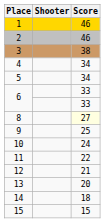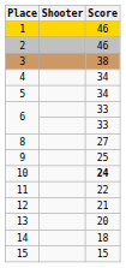 <table class=wikitable>
 <tr>
 <th>Place</th>
 <th>Shooter</th>
 <th>Score</th>
 </tr>
 <tr bgcolor=gold>
 <td align=center>1</td>
 <td></td>
 <td align=center>46</td>
 </tr>
 <tr bgcolor=silver>
 <td align=center>2</td>
 <td></td>
 <td align=center>46</td>
 </tr>
 <tr bgcolor=cc9966>
 <td align=center>3</td>
 <td></td>
 <td align=center>38</td>
 </tr>
 <tr>
 <td align=center>4</td>
 <td></td>
 <td align=center>34</td>
 </tr>
 <tr>
 <td align=center>5</td>
 <td></td>
 <td align=center>34</td>
 </tr>
 <tr>
 <td align=center rowspan=2>6</td>
 <td></td>
 <td align=center>33</td>
 </tr>
 <tr>
 <td></td>
 <td align=center>33</td>
 </tr>
 <tr>
 <td align=center>8</td>
 <td></td>
-<td align=center style="background: lightyellow;">27</td>
+<td align=center>27</td>
 </tr>
 <tr>
 <td align=center>9</td>
 <td></td>
 <td align=center>25</td>
 </tr>
 <tr>
 <td align=center>10</td>
 <td></td>
-<td align=center>24</td>
+<td align=center><strong>24</strong></td>
 </tr>
 <tr>
 <td align=center>11</td>
 <td></td>
 <td align=center>22</td>
 </tr>
 <tr>
 <td align=center>12</td>
 <td></td>
 <td align=center>21</td>
 </tr>
 <tr>
 <td align=center>13</td>
 <td></td>
 <td align=center>20</td>
 </tr>
 <tr>
 <td align=center>14</td>
 <td></td>
 <td align=center>18</td>
 </tr>
 <tr>
 <td align=center>15</td>
 <td></td>
 <td align=center>15</td>
 </tr>
 </table>
